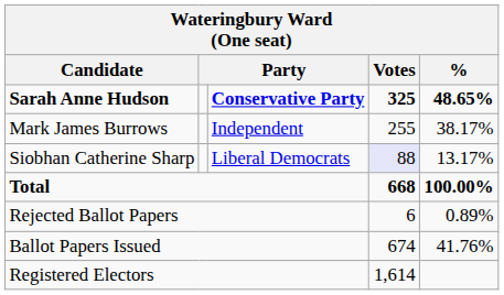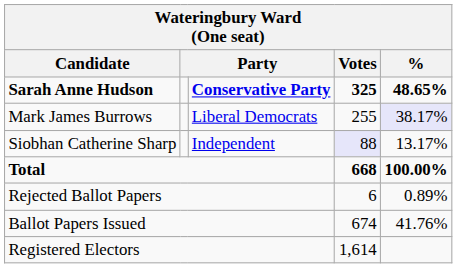 <table class="wikitable" border="1" style="text-align:right; font-size:100%">
 <tr>
 <th align=center colspan=5>Wateringbury Ward<br>(One seat)</th>
 </tr>
 <tr>
 <th>Candidate</th>
 <th colspan=2>Party</th>
 <th>Votes</th>
 <th>%</th>
 </tr>
 <tr>
 <td align=left><strong>Sarah Anne Hudson</strong></td>
 <td style="background:"></td>
 <td align=left><strong><a href='#'>Conservative Party</a></strong></td>
 <td><strong>325</strong></td>
 <td><strong>48.65%</strong></td>
 </tr>
 <tr>
 <td align=left>Mark James Burrows</td>
 <td style="background:"></td>
-<td align=left><a href='#'>Independent</a></td>
+<td align=left><a href='#'>Liberal Democrats</a></td>
 <td>255</td>
-<td>38.17%</td>
+<td style="background: lavender;">38.17%</td>
 </tr>
 <tr>
 <td align=left>Siobhan Catherine Sharp</td>
 <td style="background:"></td>
-<td align=left><a href='#'>Liberal Democrats</a></td>
+<td align=left><a href='#'>Independent</a></td>
 <td style="background: lavender;">88</td>
 <td>13.17%</td>
 </tr>
 <tr style="font-weight:bold">
 <td align=left colspan=3>Total</td>
 <td>668</td>
 <td>100.00%</td>
 </tr>
 <tr>
 <td align=left colspan=3>Rejected Ballot Papers</td>
 <td>6</td>
 <td>0.89%</td>
 </tr>
 <tr>
 <td align=left colspan=3>Ballot Papers Issued</td>
 <td>674</td>
 <td>41.76%</td>
 </tr>
 <tr>
 <td align=left colspan=3>Registered Electors</td>
 <td>1,614</td>
 <td></td>
 </tr>
 </table>
